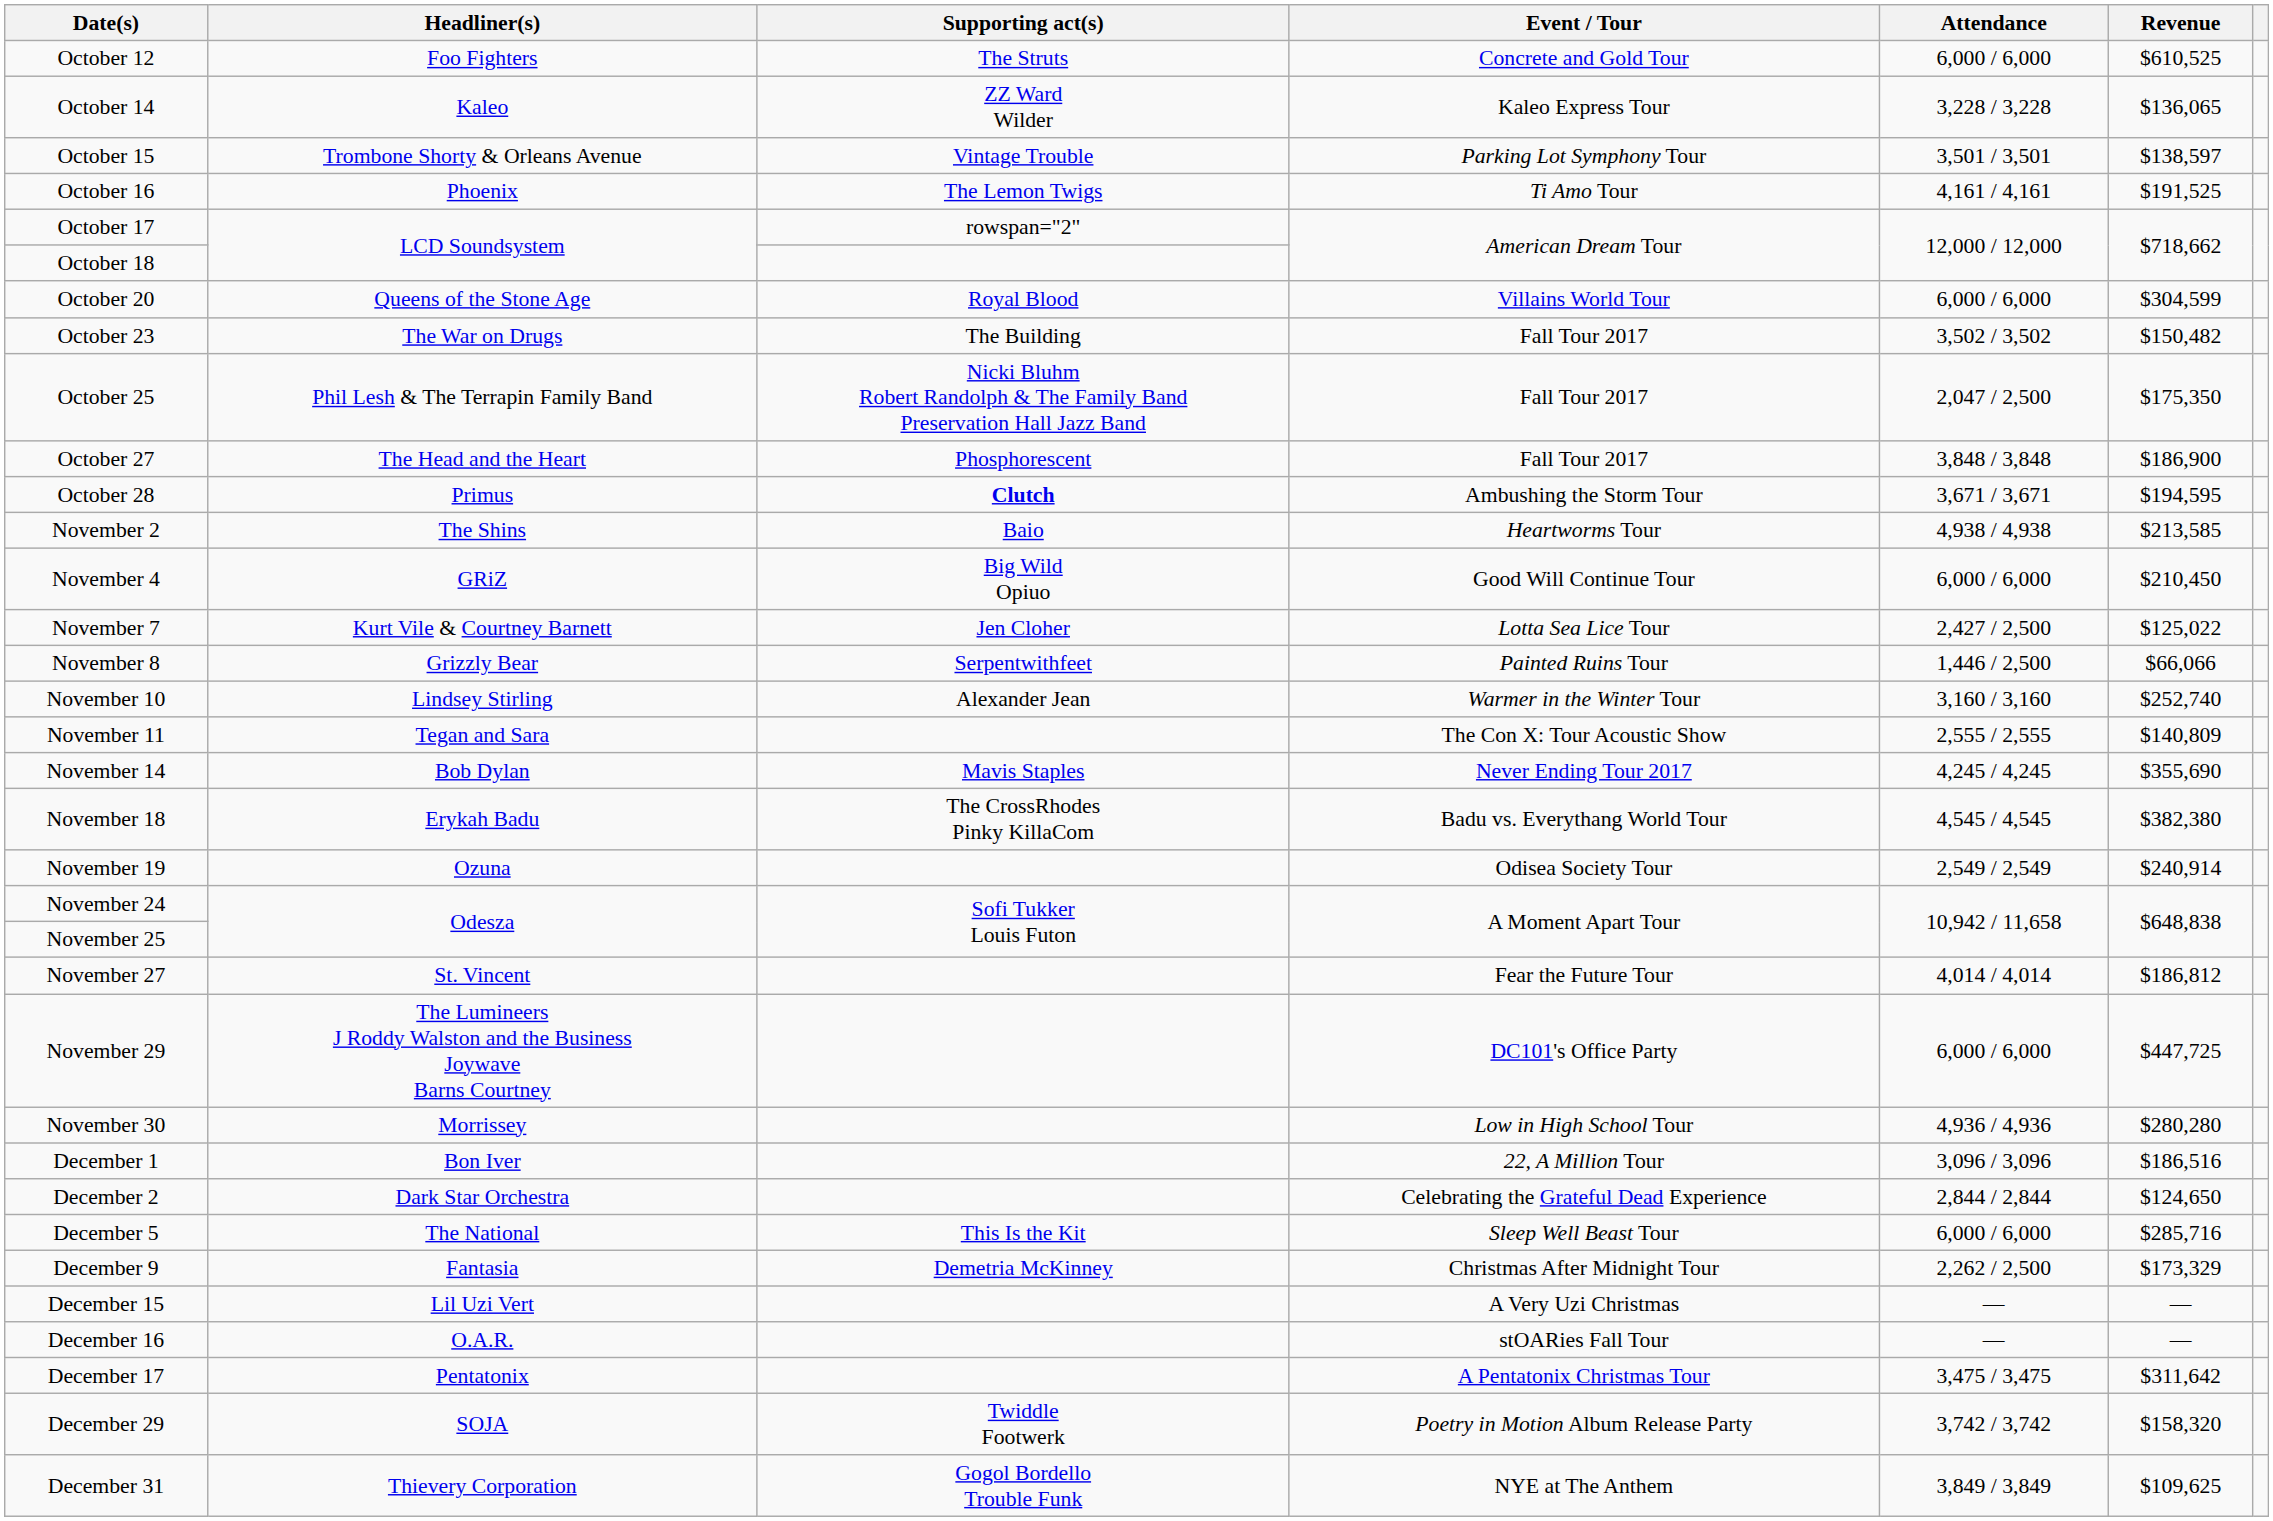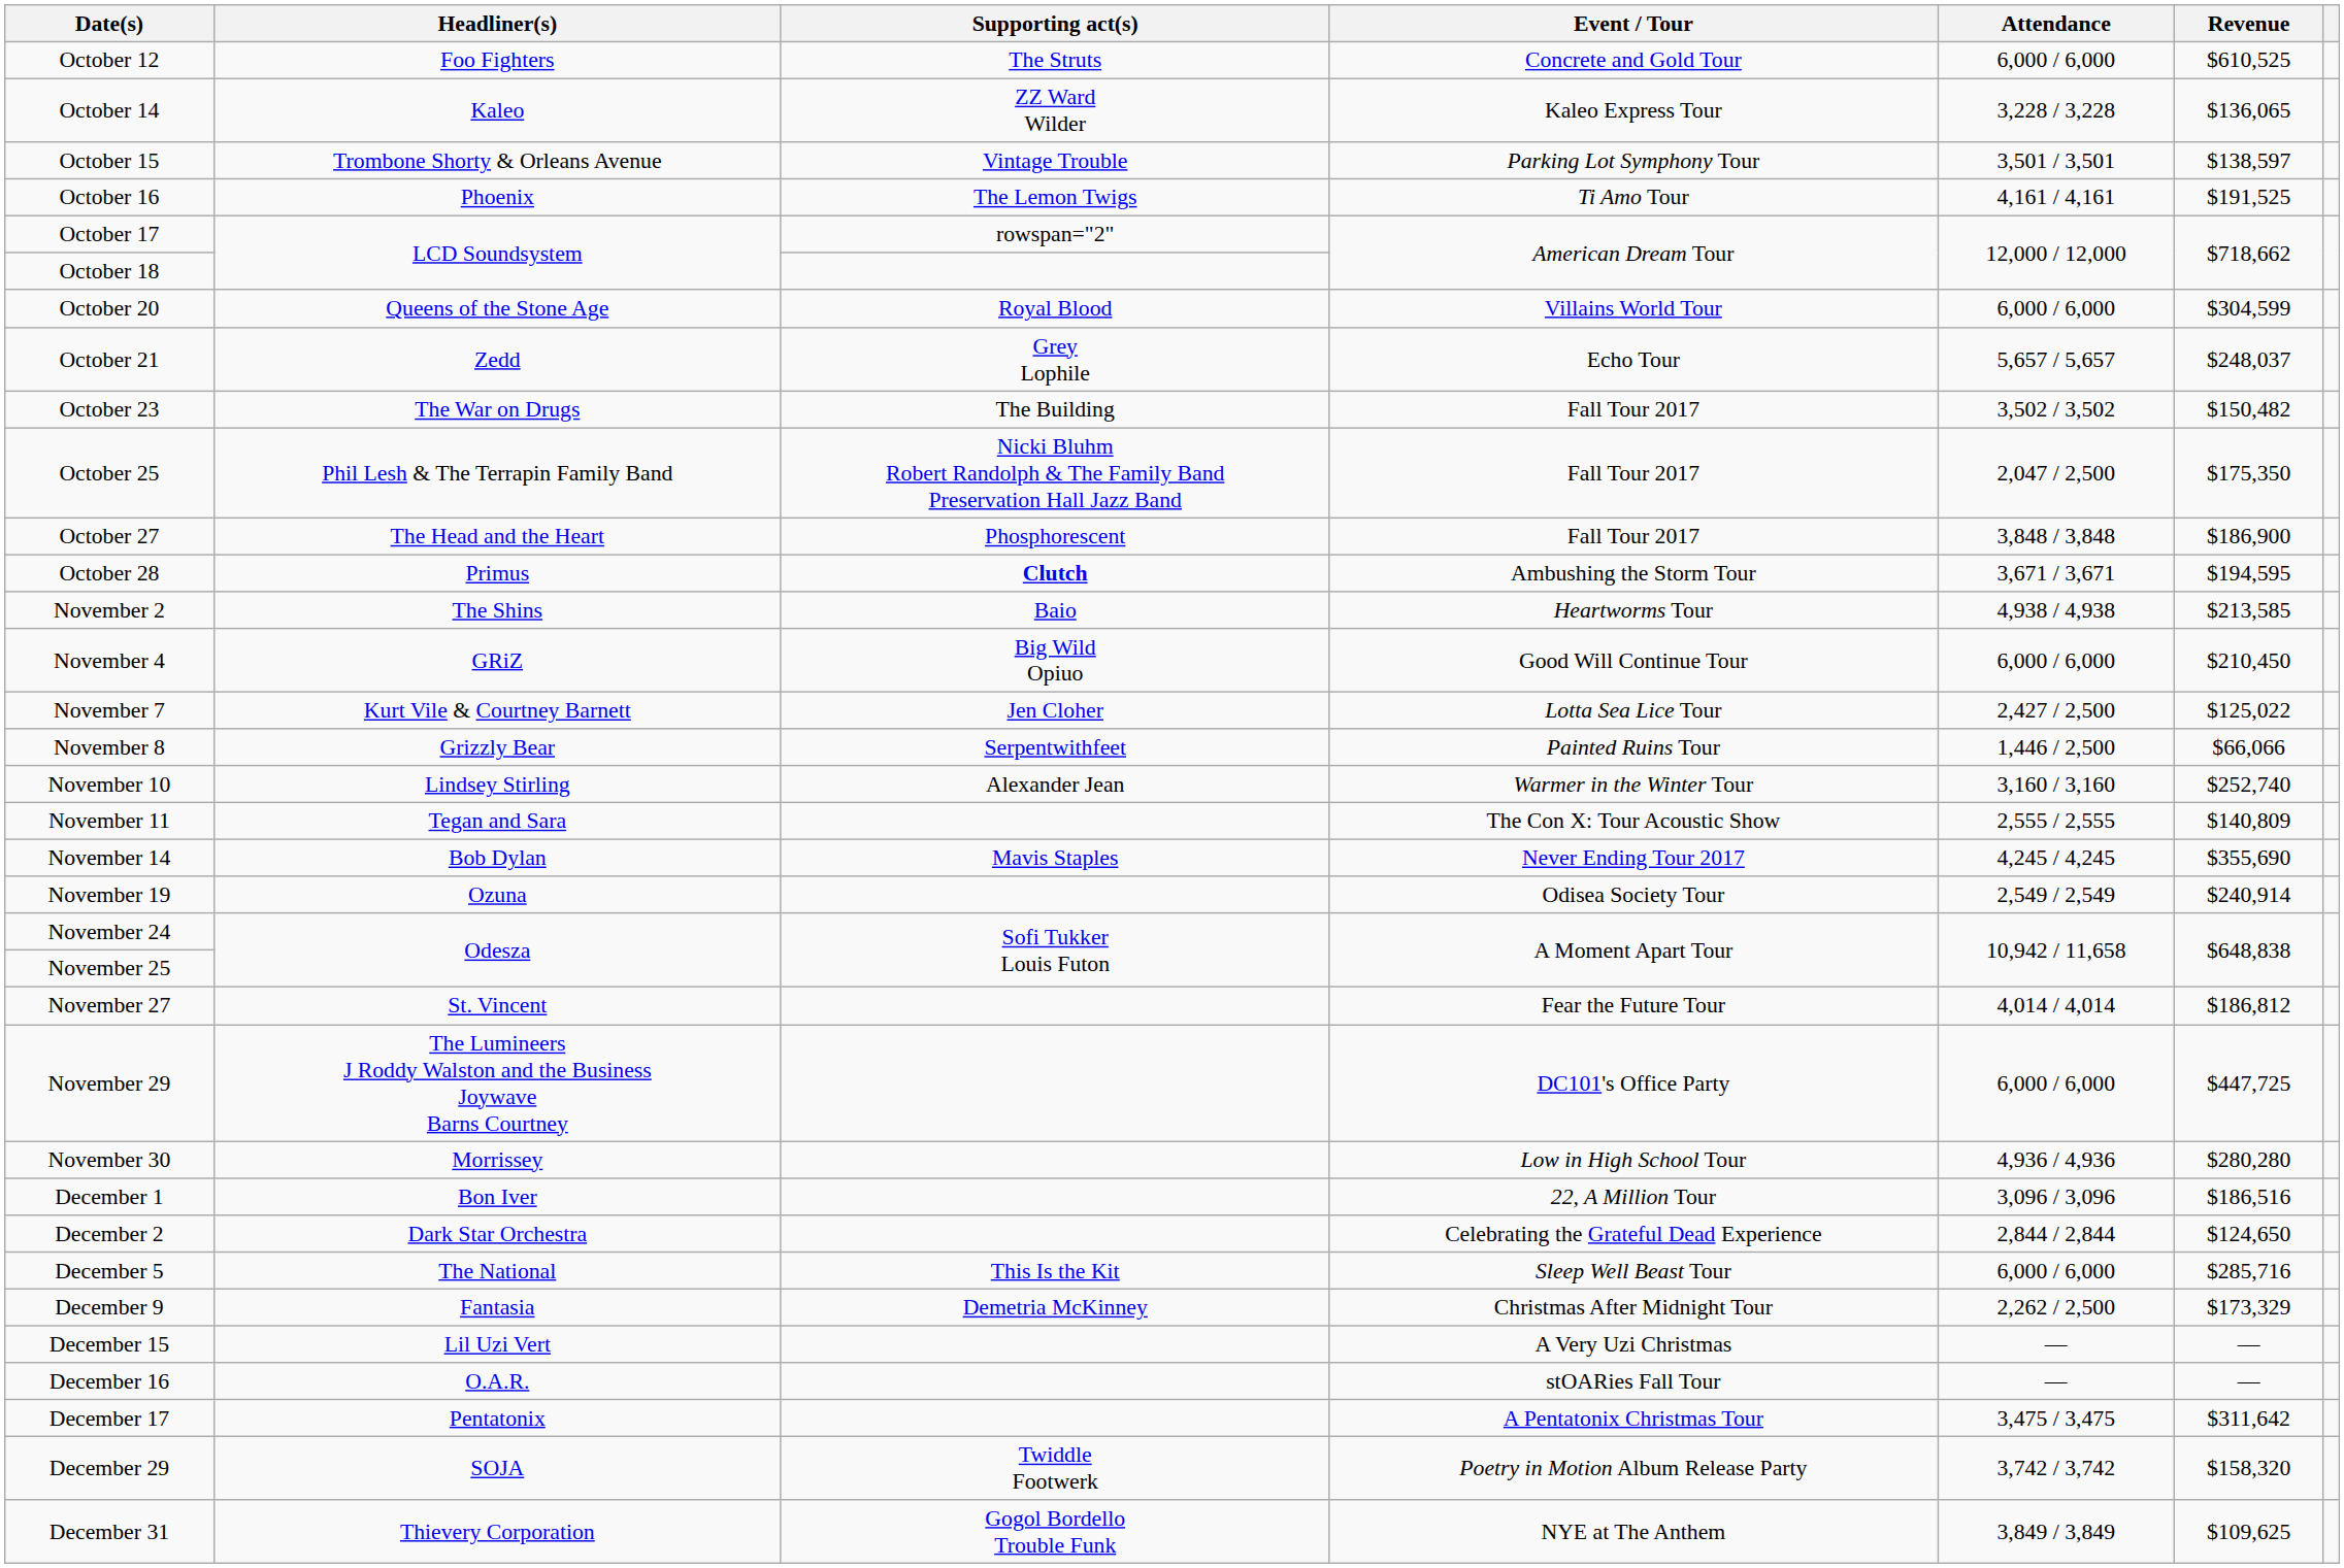 <table class="wikitable" style="text-align:center; font-size: 95%;" width=100%>
 <tr>
 <th>Date(s)</th>
 <th>Headliner(s)</th>
 <th>Supporting act(s)</th>
 <th>Event / Tour</th>
 <th>Attendance</th>
 <th>Revenue</th>
 <th></th>
 </tr>
 <tr>
 <td>October 12</td>
 <td><a href='#'>Foo Fighters</a></td>
 <td><a href='#'>The Struts</a></td>
 <td><a href='#'>Concrete and Gold Tour</a></td>
 <td>6,000 / 6,000</td>
 <td>$610,525</td>
 <td></td>
 </tr>
 <tr>
 <td>October 14</td>
 <td><a href='#'>Kaleo</a></td>
 <td><a href='#'>ZZ Ward</a><br>Wilder</td>
 <td>Kaleo Express Tour</td>
 <td>3,228 / 3,228</td>
 <td>$136,065</td>
 <td></td>
 </tr>
 <tr>
 <td>October 15</td>
 <td><a href='#'>Trombone Shorty</a> & Orleans Avenue</td>
 <td><a href='#'>Vintage Trouble</a></td>
 <td><em>Parking Lot Symphony</em> Tour</td>
 <td>3,501 / 3,501</td>
 <td>$138,597</td>
 <td></td>
 </tr>
 <tr>
 <td>October 16</td>
 <td><a href='#'>Phoenix</a></td>
 <td><a href='#'>The Lemon Twigs</a></td>
 <td><em>Ti Amo</em> Tour</td>
 <td>4,161 / 4,161</td>
 <td>$191,525</td>
 <td></td>
 </tr>
 <tr>
 <td>October 17</td>
 <td rowspan="2"><a href='#'>LCD Soundsystem</a></td>
 <td>rowspan="2" </td>
 <td rowspan="2"><em>American Dream</em> Tour</td>
 <td rowspan="2">12,000 / 12,000</td>
 <td rowspan="2">$718,662</td>
 <td rowspan="2"></td>
 </tr>
 <tr>
 <td>October 18</td>
 </tr>
 <tr>
 <td>October 20</td>
 <td><a href='#'>Queens of the Stone Age</a></td>
 <td><a href='#'>Royal Blood</a></td>
 <td><a href='#'>Villains World Tour</a></td>
 <td>6,000 / 6,000</td>
 <td>$304,599</td>
+<td></td>
+</tr>
+<tr>
+<td>October 21</td>
+<td><a href='#'>Zedd</a></td>
+<td><a href='#'>Grey</a><br>Lophile</td>
+<td>Echo Tour</td>
+<td>5,657 / 5,657</td>
+<td>$248,037</td>
 <td></td>
 </tr>
 <tr>
 <td>October 23</td>
 <td><a href='#'>The War on Drugs</a></td>
 <td>The Building</td>
 <td>Fall Tour 2017</td>
 <td>3,502 / 3,502</td>
 <td>$150,482</td>
 <td></td>
 </tr>
 <tr>
 <td>October 25</td>
 <td><a href='#'>Phil Lesh</a> & The Terrapin Family Band</td>
 <td><a href='#'>Nicki Bluhm</a><br><a href='#'>Robert Randolph & The Family Band</a><br><a href='#'>Preservation Hall Jazz Band</a></td>
 <td>Fall Tour 2017</td>
 <td>2,047 / 2,500</td>
 <td>$175,350</td>
 <td></td>
 </tr>
 <tr>
 <td>October 27</td>
 <td><a href='#'>The Head and the Heart</a></td>
 <td><a href='#'>Phosphorescent</a></td>
 <td>Fall Tour 2017</td>
 <td>3,848 / 3,848</td>
 <td>$186,900</td>
 <td></td>
 </tr>
 <tr>
 <td>October 28</td>
 <td><a href='#'>Primus</a></td>
 <td><strong><a href='#'>Clutch</a></strong></td>
 <td>Ambushing the Storm Tour</td>
 <td>3,671 / 3,671</td>
 <td>$194,595</td>
 <td></td>
 </tr>
 <tr>
 <td>November 2</td>
 <td><a href='#'>The Shins</a></td>
 <td><a href='#'>Baio</a></td>
 <td><em>Heartworms</em> Tour</td>
 <td>4,938 / 4,938</td>
 <td>$213,585</td>
 <td></td>
 </tr>
 <tr>
 <td>November 4</td>
 <td><a href='#'>GRiZ</a></td>
 <td><a href='#'>Big Wild</a><br>Opiuo</td>
 <td>Good Will Continue Tour</td>
 <td>6,000 / 6,000</td>
 <td>$210,450</td>
 <td></td>
 </tr>
 <tr>
 <td>November 7</td>
 <td><a href='#'>Kurt Vile</a> & <a href='#'>Courtney Barnett</a></td>
 <td><a href='#'>Jen Cloher</a></td>
 <td><em>Lotta Sea Lice</em> Tour</td>
 <td>2,427 / 2,500</td>
 <td>$125,022</td>
 <td></td>
 </tr>
 <tr>
 <td>November 8</td>
 <td><a href='#'>Grizzly Bear</a></td>
 <td><a href='#'>Serpentwithfeet</a></td>
 <td><em>Painted Ruins</em> Tour</td>
 <td>1,446 / 2,500</td>
 <td>$66,066</td>
 <td></td>
 </tr>
 <tr>
 <td>November 10</td>
 <td><a href='#'>Lindsey Stirling</a></td>
 <td>Alexander Jean</td>
 <td><em>Warmer in the Winter</em> Tour</td>
 <td>3,160 / 3,160</td>
 <td>$252,740</td>
 <td></td>
 </tr>
 <tr>
 <td>November 11</td>
 <td><a href='#'>Tegan and Sara</a></td>
 <td></td>
 <td>The Con X: Tour Acoustic Show</td>
 <td>2,555 / 2,555</td>
 <td>$140,809</td>
 <td></td>
 </tr>
 <tr>
 <td>November 14</td>
 <td><a href='#'>Bob Dylan</a></td>
 <td><a href='#'>Mavis Staples</a></td>
 <td><a href='#'>Never Ending Tour 2017</a></td>
 <td>4,245 / 4,245</td>
 <td>$355,690</td>
-<td></td>
-</tr>
-<tr>
-<td>November 18</td>
-<td><a href='#'>Erykah Badu</a></td>
-<td>The CrossRhodes<br>Pinky KillaCom</td>
-<td>Badu vs. Everythang World Tour</td>
-<td>4,545 / 4,545</td>
-<td>$382,380</td>
 <td></td>
 </tr>
 <tr>
 <td>November 19</td>
 <td><a href='#'>Ozuna</a></td>
 <td></td>
 <td>Odisea Society Tour</td>
 <td>2,549 / 2,549</td>
 <td>$240,914</td>
 <td></td>
 </tr>
 <tr>
 <td>November 24</td>
 <td rowspan="2"><a href='#'>Odesza</a></td>
 <td rowspan="2"><a href='#'>Sofi Tukker</a><br>Louis Futon</td>
 <td rowspan="2">A Moment Apart Tour</td>
 <td rowspan="2">10,942 / 11,658</td>
 <td rowspan="2">$648,838</td>
 <td rowspan="2"></td>
 </tr>
 <tr>
 <td>November 25</td>
 </tr>
 <tr>
 <td>November 27</td>
 <td><a href='#'>St. Vincent</a></td>
 <td></td>
 <td>Fear the Future Tour</td>
 <td>4,014 / 4,014</td>
 <td>$186,812</td>
 <td></td>
 </tr>
 <tr>
 <td>November 29</td>
 <td><a href='#'>The Lumineers</a><br><a href='#'>J Roddy Walston and the Business</a><br><a href='#'>Joywave</a><br><a href='#'>Barns Courtney</a></td>
 <td></td>
 <td><a href='#'>DC101</a>'s Office Party</td>
 <td>6,000 / 6,000</td>
 <td>$447,725</td>
 <td></td>
 </tr>
 <tr>
 <td>November 30</td>
 <td><a href='#'>Morrissey</a></td>
 <td></td>
 <td><em>Low in High School</em> Tour</td>
 <td>4,936 / 4,936</td>
 <td>$280,280</td>
 <td></td>
 </tr>
 <tr>
 <td>December 1</td>
 <td><a href='#'>Bon Iver</a></td>
 <td></td>
 <td><em>22, A Million</em> Tour</td>
 <td>3,096 / 3,096</td>
 <td>$186,516</td>
 <td></td>
 </tr>
 <tr>
 <td>December 2</td>
 <td><a href='#'>Dark Star Orchestra</a></td>
 <td></td>
 <td>Celebrating the <a href='#'>Grateful Dead</a> Experience</td>
 <td>2,844 / 2,844</td>
 <td>$124,650</td>
 <td></td>
 </tr>
 <tr>
 <td>December 5</td>
 <td><a href='#'>The National</a></td>
 <td><a href='#'>This Is the Kit</a></td>
 <td><em>Sleep Well Beast</em> Tour</td>
 <td>6,000 / 6,000</td>
 <td>$285,716</td>
 <td></td>
 </tr>
 <tr>
 <td>December 9</td>
 <td><a href='#'>Fantasia</a></td>
 <td><a href='#'>Demetria McKinney</a></td>
 <td>Christmas After Midnight Tour</td>
 <td>2,262 / 2,500</td>
 <td>$173,329</td>
 <td></td>
 </tr>
 <tr>
 <td>December 15</td>
 <td><a href='#'>Lil Uzi Vert</a></td>
 <td></td>
 <td>A Very Uzi Christmas</td>
 <td>—</td>
 <td>—</td>
 <td></td>
 </tr>
 <tr>
 <td>December 16</td>
 <td><a href='#'>O.A.R.</a></td>
 <td></td>
 <td>stOARies Fall Tour</td>
 <td>—</td>
 <td>—</td>
 <td></td>
 </tr>
 <tr>
 <td>December 17</td>
 <td><a href='#'>Pentatonix</a></td>
 <td></td>
 <td><a href='#'>A Pentatonix Christmas Tour</a></td>
 <td>3,475 / 3,475</td>
 <td>$311,642</td>
 <td></td>
 </tr>
 <tr>
 <td>December 29</td>
 <td><a href='#'>SOJA</a></td>
 <td><a href='#'>Twiddle</a><br>Footwerk</td>
 <td><em>Poetry in Motion</em> Album Release Party</td>
 <td>3,742 / 3,742</td>
 <td>$158,320</td>
 <td></td>
 </tr>
 <tr>
 <td>December 31</td>
 <td><a href='#'>Thievery Corporation</a></td>
 <td><a href='#'>Gogol Bordello</a><br><a href='#'>Trouble Funk</a></td>
 <td>NYE at The Anthem</td>
 <td>3,849 / 3,849</td>
 <td>$109,625</td>
 <td></td>
 </tr>
 </table>
